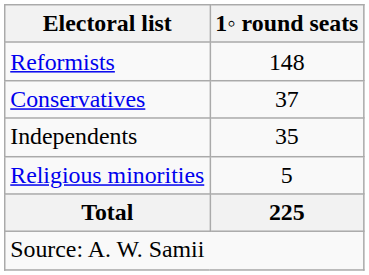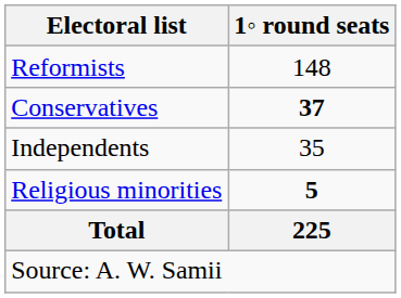 <table class=wikitable style=text-align:center>
 <tr>
 <th>Electoral list</th>
 <th>1◦ round seats</th>
 </tr>
 <tr>
 <td align=left><a href='#'>Reformists</a></td>
 <td>148</td>
 </tr>
 <tr>
 <td align=left><a href='#'>Conservatives</a></td>
-<td>37</td>
+<td><strong>37</strong></td>
 </tr>
 <tr>
 <td align=left>Independents</td>
 <td>35</td>
 </tr>
 <tr>
 <td align=left><a href='#'>Religious minorities</a></td>
-<td>5</td>
+<td><strong>5</strong></td>
 </tr>
 <tr>
 <th align=left>Total</th>
 <th>225</th>
 </tr>
 <tr>
 <td colspan=4 align=left>Source: A. W. Samii</td>
 </tr>
 </table>
